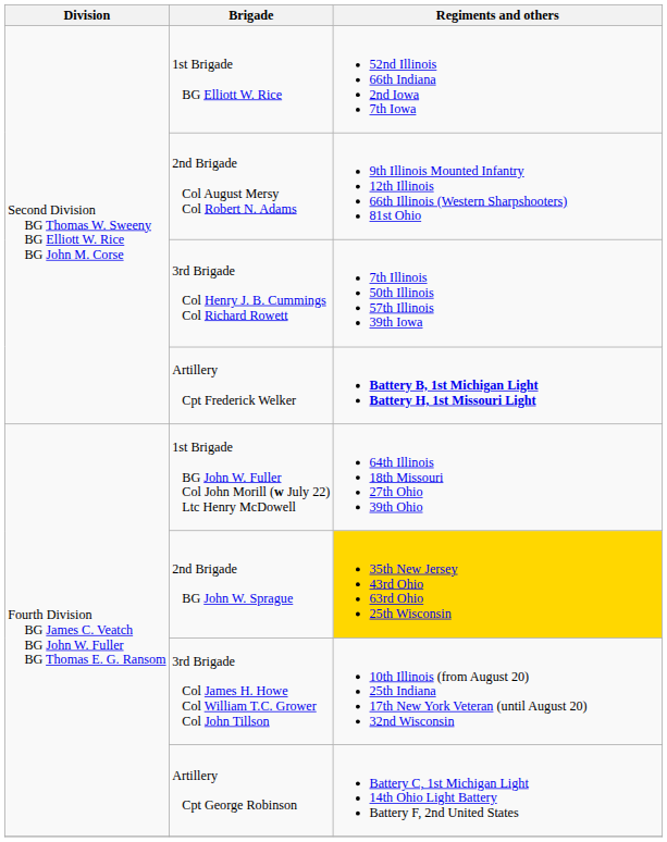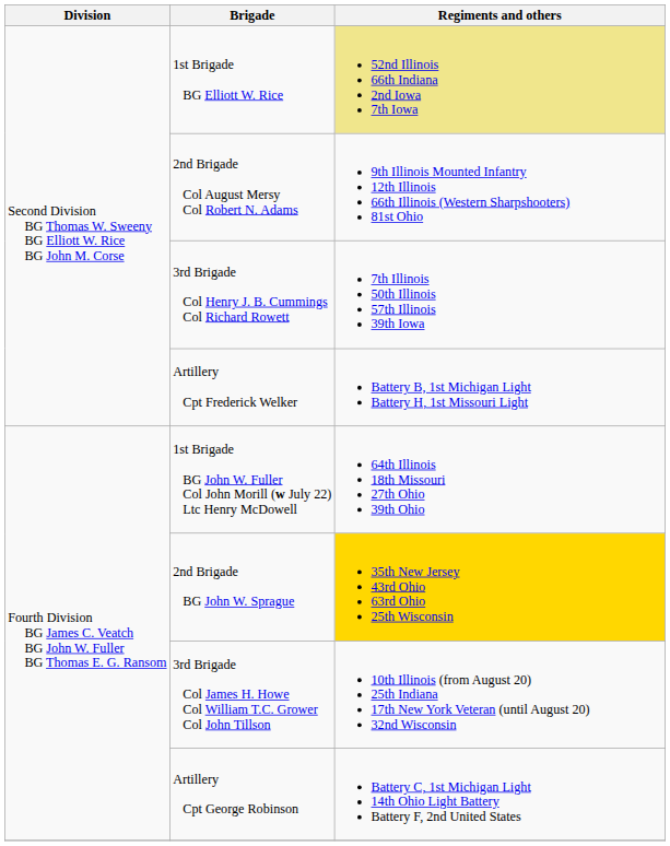 <table class="wikitable">
 <tr>
 <th width=25%>Division</th>
 <th width=25%>Brigade</th>
 <th>Regiments and others</th>
 </tr>
 <tr>
 <td rowspan=4><br>Second Division <br>     BG <a href='#'>Thomas W. Sweeny</a><br>     BG <a href='#'>Elliott W. Rice</a><br>     BG <a href='#'>John M. Corse</a></td>
 <td>1st Brigade<br><br>   BG <a href='#'>Elliott W. Rice</a></td>
-<td><br><ul><li><a href='#'>52nd Illinois</a></li><li><a href='#'>66th Indiana</a></li><li><a href='#'>2nd Iowa</a></li><li><a href='#'>7th Iowa</a></li></ul></td>
+<td style="background: khaki;"><br><ul><li><a href='#'>52nd Illinois</a></li><li><a href='#'>66th Indiana</a></li><li><a href='#'>2nd Iowa</a></li><li><a href='#'>7th Iowa</a></li></ul></td>
 </tr>
 <tr>
 <td>2nd Brigade<br><br>   Col August Mersy<br>   Col <a href='#'>Robert N. Adams</a></td>
 <td><br><ul><li><a href='#'>9th Illinois Mounted Infantry</a></li><li><a href='#'>12th Illinois</a></li><li><a href='#'>66th Illinois (Western Sharpshooters)</a></li><li><a href='#'>81st Ohio</a></li></ul></td>
 </tr>
 <tr>
 <td>3rd Brigade<br><br>   Col <a href='#'>Henry J. B. Cummings</a><br>   Col <a href='#'>Richard Rowett</a></td>
 <td><br><ul><li><a href='#'>7th Illinois</a></li><li><a href='#'>50th Illinois</a></li><li><a href='#'>57th Illinois</a></li><li><a href='#'>39th Iowa</a></li></ul></td>
 </tr>
 <tr>
 <td>Artillery<br><br>   Cpt Frederick Welker</td>
-<td><strong><br><ul><li><a href='#'>Battery B, 1st Michigan Light</a></li><li><a href='#'>Battery H, 1st Missouri Light</a></li></ul></strong></td>
+<td><br><ul><li><a href='#'>Battery B, 1st Michigan Light</a></li><li><a href='#'>Battery H, 1st Missouri Light</a></li></ul></td>
 </tr>
 <tr>
 <td rowspan=4><br>Fourth Division <br>     BG <a href='#'>James C. Veatch</a><br>     BG <a href='#'>John W. Fuller</a><br>     BG <a href='#'>Thomas E. G. Ransom</a></td>
 <td>1st Brigade<br><br>   BG <a href='#'>John W. Fuller</a><br>   Col John Morill (<strong>w</strong> July 22)<br>   Ltc Henry McDowell</td>
 <td><br><ul><li><a href='#'>64th Illinois</a></li><li><a href='#'>18th Missouri</a></li><li><a href='#'>27th Ohio</a></li><li><a href='#'>39th Ohio</a></li></ul></td>
 </tr>
 <tr>
 <td>2nd Brigade<br><br>   BG <a href='#'>John W. Sprague</a></td>
 <td style="background: gold;"><br><ul><li><a href='#'>35th New Jersey</a></li><li><a href='#'>43rd Ohio</a></li><li><a href='#'>63rd Ohio</a></li><li><a href='#'>25th Wisconsin</a></li></ul></td>
 </tr>
 <tr>
 <td>3rd Brigade<br><br>   Col <a href='#'>James H. Howe</a><br>   Col <a href='#'>William T.C. Grower</a><br>   Col <a href='#'>John Tillson</a></td>
 <td><br><ul><li><a href='#'>10th Illinois</a> (from August 20)</li><li><a href='#'>25th Indiana</a></li><li><a href='#'>17th New York Veteran</a> (until August 20)</li><li><a href='#'>32nd Wisconsin</a></li></ul></td>
 </tr>
 <tr>
 <td>Artillery<br><br>   Cpt George Robinson</td>
 <td><br><ul><li><a href='#'>Battery C, 1st Michigan Light</a></li><li><a href='#'>14th Ohio Light Battery</a></li><li>Battery F, 2nd United States</li></ul></td>
 </tr>
 <tr>
 </tr>
 </table>
